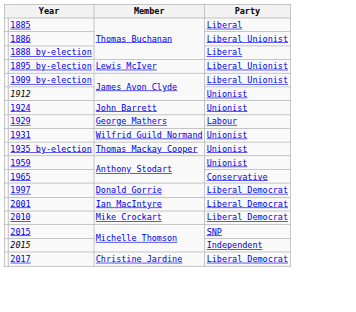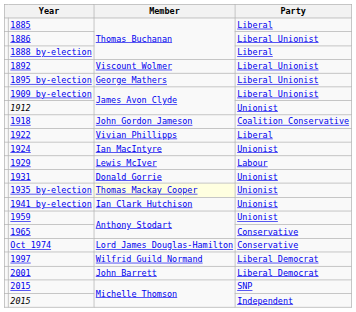 <table class="wikitable">
 <tr>
 <th colspan="2">Year</th>
 <th>Member</th>
 <th>Party</th>
 </tr>
 <tr>
 <td style="color:inherit;background-color: "></td>
 <td><a href='#'>1885</a></td>
 <td rowspan="3"><a href='#'>Thomas Buchanan</a></td>
 <td><a href='#'>Liberal</a></td>
 </tr>
 <tr>
 <td style="color:inherit;background-color: "></td>
 <td><a href='#'>1886</a></td>
 <td><a href='#'>Liberal Unionist</a></td>
 </tr>
 <tr>
 <td style="color:inherit;background-color: "></td>
 <td><a href='#'>1888 by-election</a></td>
 <td><a href='#'>Liberal</a></td>
 </tr>
 <tr>
 <td style="color:inherit;background-color: "></td>
+<td><a href='#'>1892</a></td>
+<td><a href='#'>Viscount Wolmer</a></td>
+<td><a href='#'>Liberal Unionist</a></td>
+</tr>
+<tr>
+<td style="color:inherit;background-color: "></td>
 <td><a href='#'>1895 by-election</a></td>
-<td><a href='#'>Lewis McIver</a></td>
+<td><a href='#'>George Mathers</a></td>
 <td><a href='#'>Liberal Unionist</a></td>
 </tr>
 <tr>
 <td style="color:inherit;background-color: "></td>
 <td><a href='#'>1909 by-election</a></td>
 <td rowspan=2><a href='#'>James Avon Clyde</a></td>
 <td><a href='#'>Liberal Unionist</a></td>
 </tr>
 <tr>
 <td style="color:inherit;background-color: "></td>
 <td><em>1912</em></td>
 <td><a href='#'>Unionist</a></td>
 </tr>
 <tr>
 <td style="color:inherit;background-color: "></td>
+<td><a href='#'>1918</a></td>
+<td><a href='#'>John Gordon Jameson</a></td>
+<td><a href='#'>Coalition Conservative</a></td>
+</tr>
+<tr>
+<td style="color:inherit;background-color: "></td>
+<td><a href='#'>1922</a></td>
+<td><a href='#'>Vivian Phillipps</a></td>
+<td><a href='#'>Liberal</a></td>
+</tr>
+<tr>
+<td style="color:inherit;background-color: "></td>
 <td><a href='#'>1924</a></td>
-<td><a href='#'>John Barrett</a></td>
+<td><a href='#'>Ian MacIntyre</a></td>
 <td><a href='#'>Unionist</a></td>
 </tr>
 <tr>
 <td style="color:inherit;background-color: "></td>
 <td><a href='#'>1929</a></td>
-<td><a href='#'>George Mathers</a></td>
+<td><a href='#'>Lewis McIver</a></td>
 <td><a href='#'>Labour</a></td>
 </tr>
 <tr>
 <td style="color:inherit;background-color: "></td>
 <td><a href='#'>1931</a></td>
-<td><a href='#'>Wilfrid Guild Normand</a></td>
+<td><a href='#'>Donald Gorrie</a></td>
 <td><a href='#'>Unionist</a></td>
 </tr>
 <tr>
 <td style="color:inherit;background-color: "></td>
 <td><a href='#'>1935 by-election</a></td>
-<td><a href='#'>Thomas Mackay Cooper</a></td>
+<td style="background: lightyellow;"><a href='#'>Thomas Mackay Cooper</a></td>
+<td><a href='#'>Unionist</a></td>
+</tr>
+<tr>
+<td style="color:inherit;background-color: "></td>
+<td><a href='#'>1941 by-election</a></td>
+<td><a href='#'>Ian Clark Hutchison</a></td>
 <td><a href='#'>Unionist</a></td>
 </tr>
 <tr>
 <td style="color:inherit;background-color: "></td>
 <td><a href='#'>1959</a></td>
 <td rowspan="2"><a href='#'>Anthony Stodart</a></td>
 <td><a href='#'>Unionist</a></td>
 </tr>
 <tr>
 <td style="color:inherit;background-color: "></td>
 <td><a href='#'>1965</a></td>
 <td><a href='#'>Conservative</a></td>
 </tr>
 <tr>
 <td style="color:inherit;background-color: "></td>
+<td><a href='#'>Oct 1974</a></td>
+<td><a href='#'>Lord James Douglas-Hamilton</a></td>
+<td><a href='#'>Conservative</a></td>
+</tr>
+<tr>
+<td style="color:inherit;background-color: "></td>
 <td><a href='#'>1997</a></td>
-<td><a href='#'>Donald Gorrie</a></td>
+<td><a href='#'>Wilfrid Guild Normand</a></td>
 <td><a href='#'>Liberal Democrat</a></td>
 </tr>
 <tr>
 <td style="color:inherit;background-color: "></td>
 <td><a href='#'>2001</a></td>
-<td><a href='#'>Ian MacIntyre</a></td>
-<td><a href='#'>Liberal Democrat</a></td>
-</tr>
-<tr>
-<td style="color:inherit;background-color: "></td>
-<td><a href='#'>2010</a></td>
-<td><a href='#'>Mike Crockart</a></td>
+<td><a href='#'>John Barrett</a></td>
 <td><a href='#'>Liberal Democrat</a></td>
 </tr>
 <tr>
 <td style="color:inherit;background-color: "></td>
 <td><a href='#'>2015</a></td>
 <td rowspan="2"><a href='#'>Michelle Thomson</a></td>
 <td><a href='#'>SNP</a></td>
 </tr>
 <tr>
 <td style="color:inherit;background-color: "></td>
 <td><em>2015</em></td>
 <td><a href='#'>Independent</a></td>
 </tr>
-<tr>
-<td style="color:inherit;background-color: "></td>
-<td><a href='#'>2017</a></td>
-<td><a href='#'>Christine Jardine</a></td>
-<td><a href='#'>Liberal Democrat</a></td>
-</tr>
 </table>
